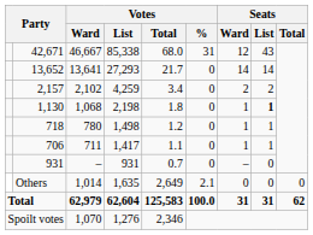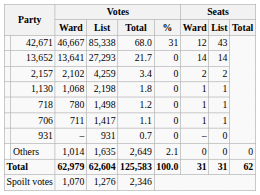 <table class=wikitable style="text-align:right">
 <tr>
 <th rowspan="2" colspan="2">Party</th>
 <th colspan="4" align="center">Votes</th>
 <th colspan="3" align="center">Seats</th>
 </tr>
 <tr>
 <th>Ward</th>
 <th>List</th>
 <th>Total</th>
 <th>%</th>
 <th>Ward</th>
 <th>List</th>
 <th>Total</th>
 </tr>
 <tr>
 <td></td>
 <td>42,671</td>
 <td>46,667</td>
 <td>85,338</td>
 <td>68.0</td>
 <td>31</td>
 <td>12</td>
 <td>43</td>
 </tr>
 <tr>
 <td></td>
 <td>13,652</td>
 <td>13,641</td>
 <td>27,293</td>
 <td>21.7</td>
 <td>0</td>
 <td>14</td>
 <td>14</td>
 </tr>
 <tr>
 <td></td>
 <td>2,157</td>
 <td>2,102</td>
 <td>4,259</td>
 <td>3.4</td>
 <td>0</td>
 <td>2</td>
 <td>2</td>
 </tr>
 <tr>
 <td></td>
 <td>1,130</td>
 <td>1,068</td>
 <td>2,198</td>
 <td>1.8</td>
 <td>0</td>
 <td>1</td>
-<td><strong>1</strong></td>
+<td>1</td>
 </tr>
 <tr>
 <td></td>
 <td>718</td>
 <td>780</td>
 <td>1,498</td>
 <td>1.2</td>
 <td>0</td>
 <td>1</td>
 <td>1</td>
 </tr>
 <tr>
 <td></td>
 <td>706</td>
 <td>711</td>
 <td>1,417</td>
 <td>1.1</td>
 <td>0</td>
 <td>1</td>
 <td>1</td>
 </tr>
 <tr>
 <td></td>
 <td>931</td>
 <td>–</td>
 <td>931</td>
 <td>0.7</td>
 <td>0</td>
 <td>–</td>
 <td>0</td>
 </tr>
 <tr>
 <td style="background-color:white"></td>
 <td style="text-align:left">Others</td>
 <td>1,014</td>
 <td>1,635</td>
 <td>2,649</td>
 <td>2.1</td>
 <td>0</td>
 <td>0</td>
 <td>0</td>
 </tr>
 <tr>
 <td colspan="2" style="text-align:left"><strong>Total</strong></td>
 <td><strong>62,979</strong></td>
 <td><strong>62,604</strong></td>
 <td><strong>125,583</strong></td>
 <td><strong>100.0</strong></td>
 <td><strong>31</strong></td>
 <td><strong>31</strong></td>
 <td><strong>62</strong></td>
 </tr>
 <tr>
 <td colspan="2" style="text-align:left">Spoilt votes</td>
 <td>1,070</td>
 <td>1,276</td>
 <td>2,346</td>
 </tr>
 </table>
